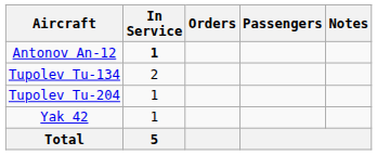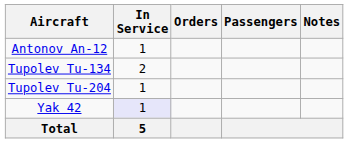 <table class="wikitable" style="border-collapse:collapse;text-align:center;margin:1em auto;">
 <tr>
 <th>Aircraft</th>
 <th>In<br>Service</th>
 <th>Orders</th>
 <th>Passengers</th>
 <th>Notes</th>
 </tr>
 <tr>
 <td><a href='#'>Antonov An-12</a></td>
-<td align="center"><strong>1</strong></td>
+<td align="center">1</td>
 <td align="center"></td>
 <td align="center"></td>
 <td></td>
 </tr>
 <tr>
 <td><a href='#'>Tupolev Tu-134</a></td>
 <td align="center">2</td>
 <td align="center"></td>
 <td align="center"></td>
 <td></td>
 </tr>
 <tr>
 <td><a href='#'>Tupolev Tu-204</a></td>
 <td align="center">1</td>
 <td align="center"></td>
 <td align="center"></td>
 <td></td>
 </tr>
 <tr>
 <td><a href='#'>Yak 42</a></td>
-<td align="center">1</td>
+<td align="center" style="background: lavender;">1</td>
 <td align="center"></td>
 <td align="center"></td>
 <td></td>
 </tr>
 <tr>
 <th>Total</th>
 <th>5</th>
 <th></th>
 <th colspan="2"></th>
 </tr>
 </table>
